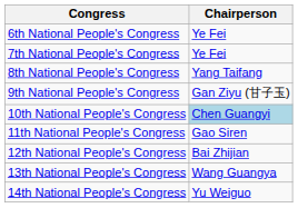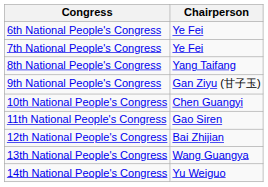 <table class="wikitable">
 <tr>
 <th>Congress</th>
 <th>Chairperson</th>
 </tr>
 <tr>
 <td><a href='#'>6th National People's Congress</a></td>
 <td><a href='#'>Ye Fei</a></td>
 </tr>
 <tr>
 <td><a href='#'>7th National People's Congress</a></td>
 <td><a href='#'>Ye Fei</a></td>
 </tr>
 <tr>
 <td><a href='#'>8th National People's Congress</a></td>
 <td><a href='#'>Yang Taifang</a></td>
 </tr>
 <tr>
 <td><a href='#'>9th National People's Congress</a></td>
 <td><a href='#'>Gan Ziyu</a> (甘子玉)</td>
 </tr>
 <tr>
 <td><a href='#'>10th National People's Congress</a></td>
-<td style="background: lightblue;"><a href='#'>Chen Guangyi</a></td>
+<td><a href='#'>Chen Guangyi</a></td>
 </tr>
 <tr>
 <td><a href='#'>11th National People's Congress</a></td>
 <td><a href='#'>Gao Siren</a></td>
 </tr>
 <tr>
 <td><a href='#'>12th National People's Congress</a></td>
 <td><a href='#'>Bai Zhijian</a></td>
 </tr>
 <tr>
 <td><a href='#'>13th National People's Congress</a></td>
 <td><a href='#'>Wang Guangya</a></td>
 </tr>
 <tr>
 <td><a href='#'>14th National People's Congress</a></td>
 <td><a href='#'>Yu Weiguo</a></td>
 </tr>
 </table>
